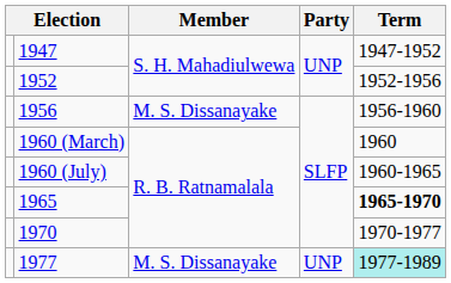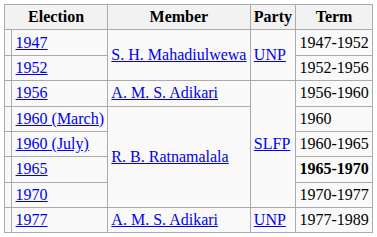 <table class="wikitable">
 <tr>
 <th colspan="2">Election</th>
 <th>Member</th>
 <th>Party</th>
 <th>Term</th>
 </tr>
 <tr>
 <td style="background-color: "></td>
 <td><a href='#'>1947</a></td>
 <td rowspan=2><a href='#'>S. H. Mahadiulwewa</a></td>
 <td rowspan=2><a href='#'>UNP</a></td>
 <td>1947-1952</td>
 </tr>
 <tr>
 <td style="background-color: "></td>
 <td><a href='#'>1952</a></td>
 <td>1952-1956</td>
 </tr>
 <tr>
 <td style="background-color: "></td>
 <td><a href='#'>1956</a></td>
-<td><a href='#'>M. S. Dissanayake</a></td>
+<td><a href='#'>A. M. S. Adikari</a></td>
 <td rowspan=5><a href='#'>SLFP</a></td>
 <td>1956-1960</td>
 </tr>
 <tr>
 <td style="background-color: "></td>
 <td><a href='#'>1960 (March)</a></td>
 <td rowspan=4><a href='#'>R. B. Ratnamalala</a></td>
 <td>1960</td>
 </tr>
 <tr>
 <td style="background-color: "></td>
 <td><a href='#'>1960 (July)</a></td>
 <td>1960-1965</td>
 </tr>
 <tr>
 <td style="background-color: "></td>
 <td><a href='#'>1965</a></td>
 <td><strong>1965-1970</strong></td>
 </tr>
 <tr>
 <td style="background-color: "></td>
 <td><a href='#'>1970</a></td>
 <td>1970-1977</td>
 </tr>
 <tr>
 <td style="background-color: "></td>
 <td><a href='#'>1977</a></td>
-<td><a href='#'>M. S. Dissanayake</a></td>
+<td><a href='#'>A. M. S. Adikari</a></td>
 <td><a href='#'>UNP</a></td>
-<td style="background: paleturquoise;">1977-1989</td>
+<td>1977-1989</td>
 </tr>
 </table>
